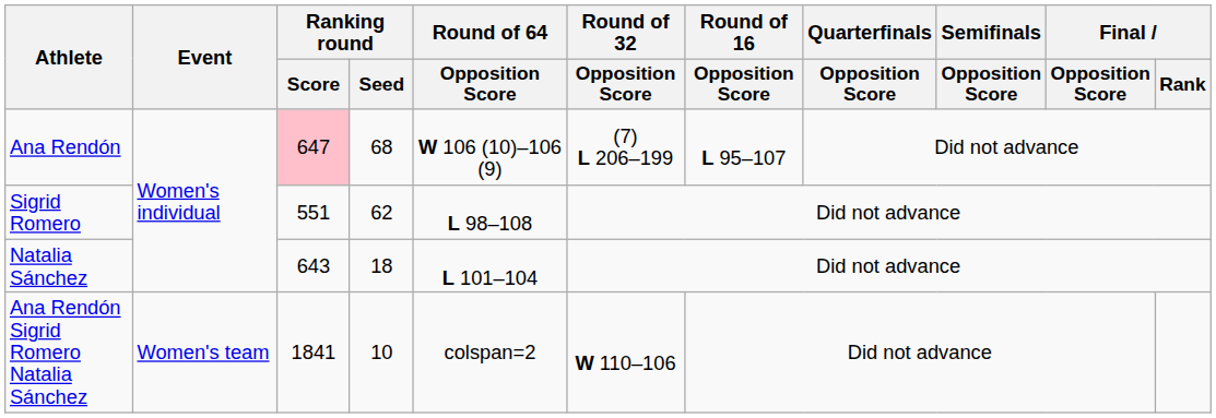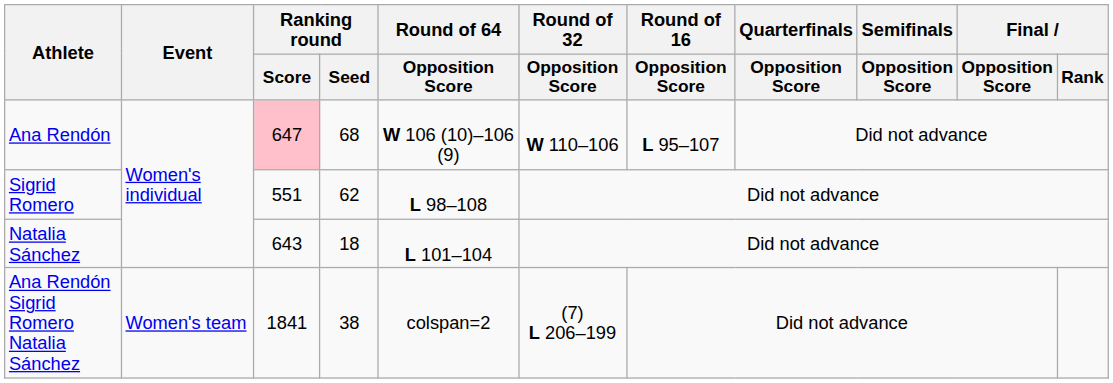 <table class="wikitable" style="font-size:90%">
 <tr>
 <th rowspan="2">Athlete</th>
 <th rowspan="2">Event</th>
 <th colspan="2">Ranking round</th>
 <th>Round of 64</th>
 <th>Round of 32</th>
 <th>Round of 16</th>
 <th>Quarterfinals</th>
 <th>Semifinals</th>
 <th colspan="2">Final / </th>
 </tr>
 <tr style="font-size:95%">
 <th>Score</th>
 <th>Seed</th>
 <th>Opposition<br>Score</th>
 <th>Opposition<br>Score</th>
 <th>Opposition<br>Score</th>
 <th>Opposition<br>Score</th>
 <th>Opposition<br>Score</th>
 <th>Opposition<br>Score</th>
 <th>Rank</th>
 </tr>
 <tr align=center>
 <td align=left><a href='#'>Ana Rendón</a></td>
 <td align=left rowspan=3><a href='#'>Women's individual</a></td>
 <td style="background: pink;">647</td>
 <td>68</td>
 <td><br><strong>W</strong> 106 (10)–106 (9)</td>
-<td> (7)<br><strong>L</strong> 206–199</td>
+<td><br><strong>W</strong> 110–106</td>
 <td><br><strong>L</strong> 95–107</td>
 <td colspan=4>Did not advance</td>
 </tr>
 <tr align=center>
 <td align=left><a href='#'>Sigrid Romero</a></td>
 <td>551</td>
 <td>62</td>
 <td><br><strong>L</strong> 98–108</td>
 <td colspan=6>Did not advance</td>
 </tr>
 <tr align=center>
 <td align=left><a href='#'>Natalia Sánchez</a></td>
 <td>643</td>
 <td>18</td>
 <td><br><strong>L</strong> 101–104</td>
 <td colspan=6>Did not advance</td>
 </tr>
 <tr align=center>
 <td align=left><a href='#'>Ana Rendón</a><br><a href='#'>Sigrid Romero</a><br><a href='#'>Natalia Sánchez</a></td>
 <td align=left><a href='#'>Women's team</a></td>
 <td>1841</td>
-<td>10</td>
+<td>38</td>
 <td>colspan=2 </td>
-<td><br><strong>W</strong> 110–106</td>
+<td> (7)<br><strong>L</strong> 206–199</td>
 <td colspan=4>Did not advance</td>
 </tr>
 </table>
